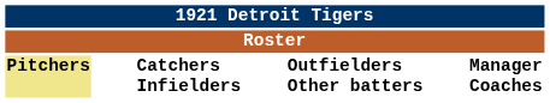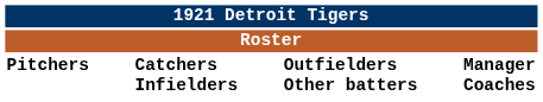 <table class="toccolours" style="font-size: 95%;">
 <tr>
 <th colspan="10" style="background-color: #003366; color: white; text-align: center;">1921 Detroit Tigers</th>
 </tr>
 <tr>
 <td colspan="10" style="background-color: #bd5d29; color: white; text-align: center;"><strong>Roster</strong></td>
 </tr>
 <tr>
-<td valign="top" style="background: khaki;"><strong>Pitchers</strong><br>             </td>
+<td valign="top"><strong>Pitchers</strong><br>             </td>
 <td width="25px"></td>
 <td valign="top"><strong>Catchers</strong><br>    <strong>Infielders</strong>          </td>
 <td width="25px"></td>
 <td valign="top"><strong>Outfielders</strong><br>     <strong>Other batters</strong> </td>
 <td width="25px"></td>
 <td valign="top"><strong>Manager</strong><br> <strong>Coaches</strong> </td>
 </tr>
 </table>
